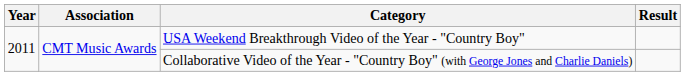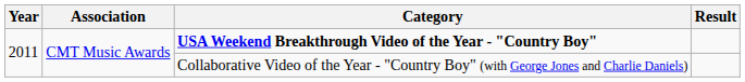 <table class="wikitable">
 <tr>
 <th>Year</th>
 <th>Association</th>
 <th>Category</th>
 <th>Result</th>
 </tr>
 <tr>
 <td rowspan="2">2011</td>
 <td rowspan="2"><a href='#'>CMT Music Awards</a></td>
-<td><a href='#'>USA Weekend</a> Breakthrough Video of the Year - "Country Boy"</td>
+<td><strong><a href='#'>USA Weekend</a> Breakthrough Video of the Year - "Country Boy"</strong></td>
 <td></td>
 </tr>
 <tr>
 <td>Collaborative Video of the Year - "Country Boy" <small>(with <a href='#'>George Jones</a> and <a href='#'>Charlie Daniels</a>)</small></td>
 <td></td>
 </tr>
 </table>
